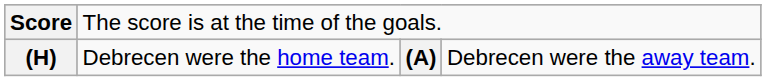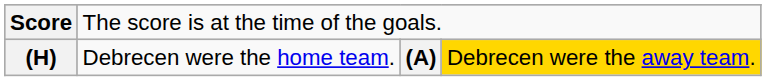 <table class="wikitable" style="font-size:85%;">
 <tr>
 <th>Score</th>
 <td colspan="3">The score is at the time of the goals.</td>
 </tr>
 <tr>
 <th>(H)</th>
 <td>Debrecen were the <a href='#'>home team</a>.</td>
 <th>(A)</th>
-<td>Debrecen were the <a href='#'>away team</a>.</td>
+<td style="background: gold;">Debrecen were the <a href='#'>away team</a>.</td>
 </tr>
 </table>
